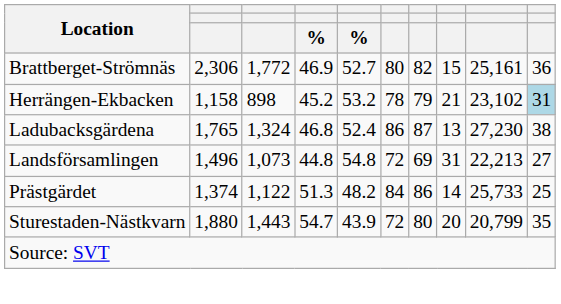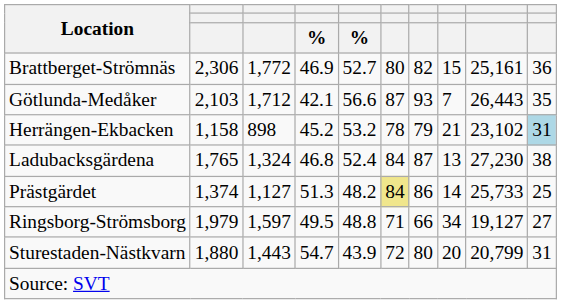 <table role="presentation" class="wikitable sortable mw-collapsible">
 <tr>
 <th rowspan="3">Location</th>
 <th></th>
 <th></th>
 <th></th>
 <th></th>
 <th></th>
 <th></th>
 <th></th>
 <th></th>
 <th></th>
 </tr>
 <tr>
 <th></th>
 <th></th>
 <th style="background:"></th>
 <th style="background:"></th>
 <th></th>
 <th></th>
 <th></th>
 <th></th>
 <th></th>
 </tr>
 <tr>
 <th data-sort-type="number"></th>
 <th data-sort-type="number"></th>
 <th data-sort-type="number">%</th>
 <th data-sort-type="number">%</th>
 <th data-sort-type="number"></th>
 <th data-sort-type="number"></th>
 <th data-sort-type="number"></th>
 <th data-sort-type="number"></th>
 <th data-sort-type="number"></th>
 </tr>
 <tr>
 <td align="left">Brattberget-Strömnäs</td>
 <td>2,306</td>
 <td>1,772</td>
 <td>46.9</td>
 <td>52.7</td>
 <td>80</td>
 <td>82</td>
 <td>15</td>
 <td>25,161</td>
 <td>36</td>
 </tr>
 <tr>
+<td align="left">Götlunda-Medåker</td>
+<td>2,103</td>
+<td>1,712</td>
+<td>42.1</td>
+<td>56.6</td>
+<td>87</td>
+<td>93</td>
+<td>7</td>
+<td>26,443</td>
+<td>35</td>
+</tr>
+<tr>
 <td align="left">Herrängen-Ekbacken</td>
 <td>1,158</td>
 <td>898</td>
 <td>45.2</td>
 <td>53.2</td>
 <td>78</td>
 <td>79</td>
 <td>21</td>
 <td>23,102</td>
 <td style="background: lightblue;">31</td>
 </tr>
 <tr>
 <td align="left">Ladubacksgärdena</td>
 <td>1,765</td>
 <td>1,324</td>
 <td>46.8</td>
 <td>52.4</td>
-<td>86</td>
+<td>84</td>
 <td>87</td>
 <td>13</td>
 <td>27,230</td>
 <td>38</td>
 </tr>
 <tr>
-<td align="left">Landsförsamlingen</td>
-<td>1,496</td>
-<td>1,073</td>
-<td>44.8</td>
-<td>54.8</td>
-<td>72</td>
-<td>69</td>
-<td>31</td>
-<td>22,213</td>
-<td>27</td>
-</tr>
-<tr>
 <td align="left">Prästgärdet</td>
 <td>1,374</td>
-<td>1,122</td>
+<td>1,127</td>
 <td>51.3</td>
 <td>48.2</td>
-<td>84</td>
+<td style="background: khaki;">84</td>
 <td>86</td>
 <td>14</td>
 <td>25,733</td>
 <td>25</td>
+</tr>
+<tr>
+<td align="left">Ringsborg-Strömsborg</td>
+<td>1,979</td>
+<td>1,597</td>
+<td>49.5</td>
+<td>48.8</td>
+<td>71</td>
+<td>66</td>
+<td>34</td>
+<td>19,127</td>
+<td>27</td>
 </tr>
 <tr>
 <td align="left">Sturestaden-Nästkvarn</td>
 <td>1,880</td>
 <td>1,443</td>
 <td>54.7</td>
 <td>43.9</td>
 <td>72</td>
 <td>80</td>
 <td>20</td>
 <td>20,799</td>
-<td>35</td>
+<td>31</td>
 </tr>
 <tr>
 <td colspan="10" align="left">Source: <a href='#'>SVT</a></td>
 </tr>
 </table>
